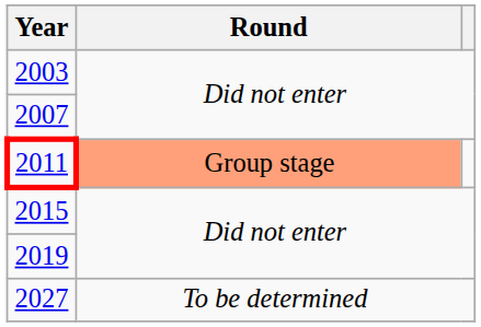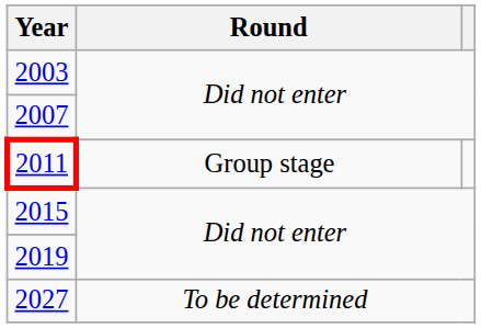 <table class="wikitable" style="text-align: center; font-size:90%">
 <tr>
 <th>Year</th>
 <th style="width:200px">Round</th>
 <th></th>
 </tr>
 <tr>
 <td><a href='#'>2003</a></td>
 <td colspan="2" rowspan="2"><em>Did not enter</em></td>
 </tr>
 <tr>
 <td><a href='#'>2007</a></td>
 </tr>
 <tr>
 <td style="border: 3px solid red"><a href='#'>2011</a></td>
-<td style="background: lightsalmon;">Group stage</td>
+<td>Group stage</td>
 <td></td>
 </tr>
 <tr>
 <td><a href='#'>2015</a></td>
 <td colspan="2" rowspan="2"><em>Did not enter</em></td>
 </tr>
 <tr>
 <td><a href='#'>2019</a></td>
 </tr>
 <tr>
 <td><a href='#'>2027</a></td>
 <td colspan="2"><em>To be determined</em></td>
 </tr>
 </table>
